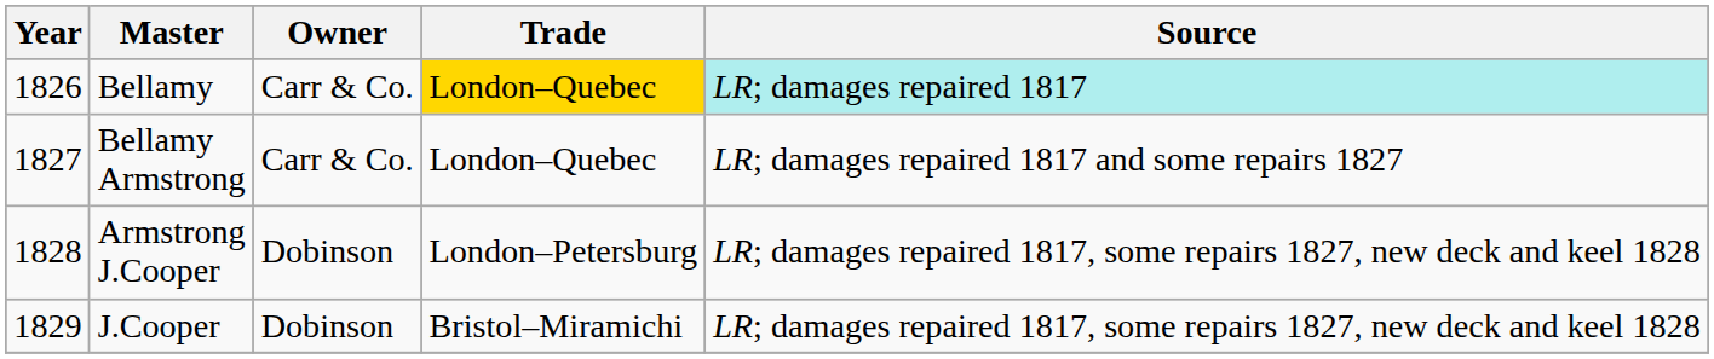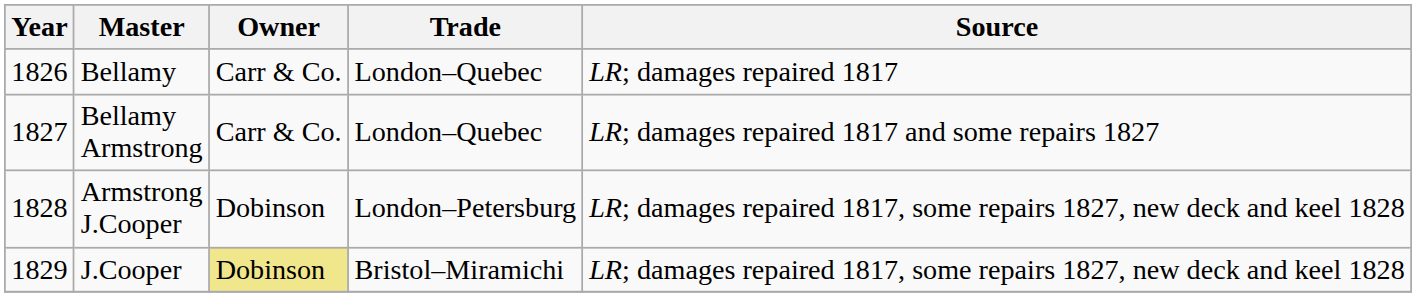 <table class=" wikitable">
 <tr>
 <th>Year</th>
 <th>Master</th>
 <th>Owner</th>
 <th>Trade</th>
 <th>Source</th>
 </tr>
 <tr>
 <td>1826</td>
 <td>Bellamy</td>
 <td>Carr & Co.</td>
-<td style="background: gold;">London–Quebec</td>
-<td style="background: paleturquoise;"><em>LR</em>; damages repaired 1817</td>
+<td>London–Quebec</td>
+<td><em>LR</em>; damages repaired 1817</td>
 </tr>
 <tr>
 <td>1827</td>
 <td>Bellamy<br>Armstrong</td>
 <td>Carr & Co.</td>
 <td>London–Quebec</td>
 <td><em>LR</em>; damages repaired 1817 and some repairs 1827</td>
 </tr>
 <tr>
 <td>1828</td>
 <td>Armstrong<br>J.Cooper</td>
 <td>Dobinson</td>
 <td>London–Petersburg</td>
 <td><em>LR</em>; damages repaired 1817, some repairs 1827, new deck and keel 1828</td>
 </tr>
 <tr>
 <td>1829</td>
 <td>J.Cooper</td>
-<td>Dobinson</td>
+<td style="background: khaki;">Dobinson</td>
 <td>Bristol–Miramichi</td>
 <td><em>LR</em>; damages repaired 1817, some repairs 1827, new deck and keel 1828</td>
 </tr>
 <tr>
 </tr>
 </table>
